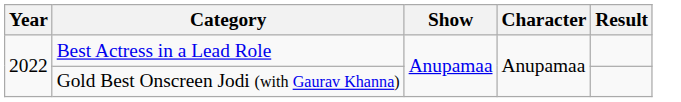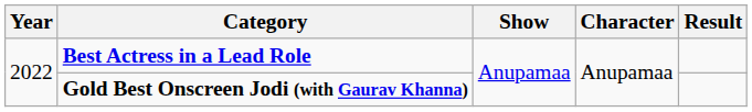 <table class="wikitable sortable">
 <tr>
 <th>Year</th>
 <th>Category</th>
 <th>Show</th>
 <th>Character</th>
 <th>Result</th>
 </tr>
 <tr>
 <td rowspan=2>2022</td>
-<td><a href='#'>Best Actress in a Lead Role</a></td>
+<td><strong><a href='#'>Best Actress in a Lead Role</a></strong></td>
 <td rowspan=2><a href='#'>Anupamaa</a></td>
 <td rowspan=2>Anupamaa</td>
 <td></td>
 </tr>
 <tr>
-<td>Gold Best Onscreen Jodi <small>(with <a href='#'>Gaurav Khanna</a>)</small></td>
+<td><strong>Gold Best Onscreen Jodi <small>(with <a href='#'>Gaurav Khanna</a>)</small></strong></td>
 <td></td>
 </tr>
 </table>
